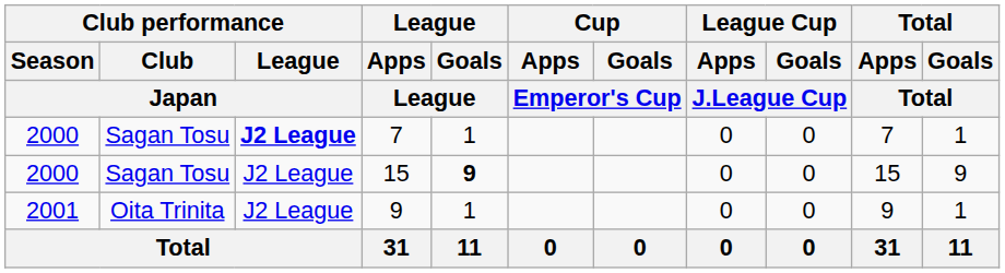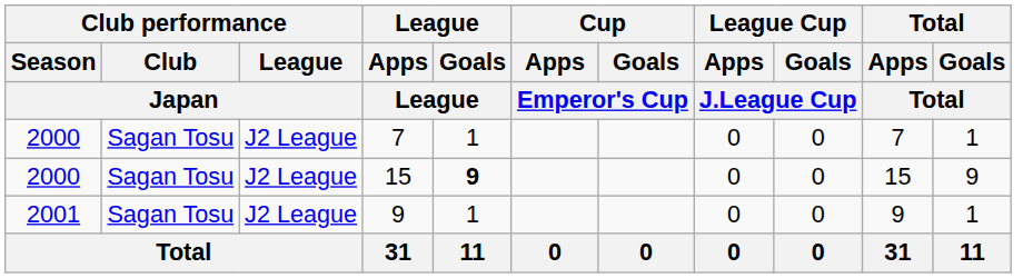 <table class="wikitable" style="text-align:center;">
 <tr>
 <th colspan=3>Club performance</th>
 <th colspan=2>League</th>
 <th colspan=2>Cup</th>
 <th colspan=2>League Cup</th>
 <th colspan=2>Total</th>
 </tr>
 <tr>
 <th>Season</th>
 <th>Club</th>
 <th>League</th>
 <th>Apps</th>
 <th>Goals</th>
 <th>Apps</th>
 <th>Goals</th>
 <th>Apps</th>
 <th>Goals</th>
 <th>Apps</th>
 <th>Goals</th>
 </tr>
 <tr>
 <th colspan=3>Japan</th>
 <th colspan=2>League</th>
 <th colspan=2><a href='#'>Emperor's Cup</a></th>
 <th colspan=2><a href='#'>J.League Cup</a></th>
 <th colspan=2>Total</th>
 </tr>
 <tr>
 <td><a href='#'>2000</a></td>
 <td><a href='#'>Sagan Tosu</a></td>
-<td><strong><a href='#'>J2 League</a></strong></td>
+<td><a href='#'>J2 League</a></td>
 <td>7</td>
 <td>1</td>
 <td></td>
 <td></td>
 <td>0</td>
 <td>0</td>
 <td>7</td>
 <td>1</td>
 </tr>
 <tr>
 <td><a href='#'>2000</a></td>
 <td><a href='#'>Sagan Tosu</a></td>
 <td><a href='#'>J2 League</a></td>
 <td>15</td>
 <td><strong>9</strong></td>
 <td></td>
 <td></td>
 <td>0</td>
 <td>0</td>
 <td>15</td>
 <td>9</td>
 </tr>
 <tr>
 <td><a href='#'>2001</a></td>
-<td><a href='#'>Oita Trinita</a></td>
+<td><a href='#'>Sagan Tosu</a></td>
 <td><a href='#'>J2 League</a></td>
 <td>9</td>
 <td>1</td>
 <td></td>
 <td></td>
 <td>0</td>
 <td>0</td>
 <td>9</td>
 <td>1</td>
 </tr>
 <tr>
 <th colspan=3>Total</th>
 <th>31</th>
 <th>11</th>
 <th>0</th>
 <th>0</th>
 <th>0</th>
 <th>0</th>
 <th>31</th>
 <th>11</th>
 </tr>
 </table>
